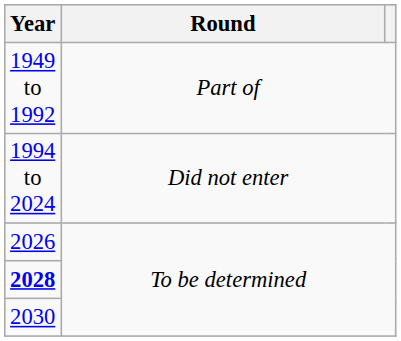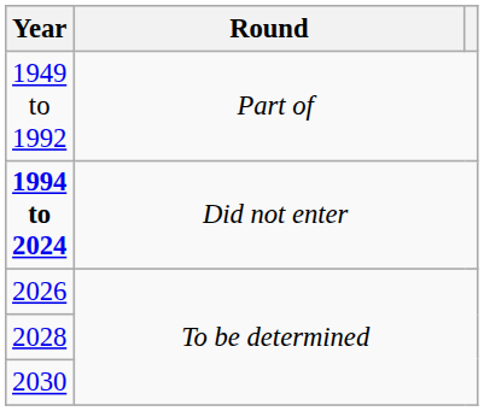 <table class="wikitable" style="text-align: center; font-size:90%">
 <tr>
 <th>Year</th>
 <th style="width:200px">Round</th>
 <th></th>
 </tr>
 <tr>
 <td><a href='#'>1949</a><br>to<br><a href='#'>1992</a></td>
 <td colspan="2"><em>Part of </em></td>
 </tr>
 <tr>
-<td><a href='#'>1994</a><br>to<br><a href='#'>2024</a></td>
+<td><strong><a href='#'>1994</a><br>to<br><a href='#'>2024</a></strong></td>
 <td colspan="2"><em>Did not enter</em></td>
 </tr>
 <tr>
 <td><a href='#'>2026</a></td>
 <td colspan="2" rowspan="3"><em>To be determined</em></td>
 </tr>
 <tr>
-<td><strong><a href='#'>2028</a></strong></td>
+<td><a href='#'>2028</a></td>
 </tr>
 <tr>
 <td><a href='#'>2030</a></td>
 </tr>
 </table>
